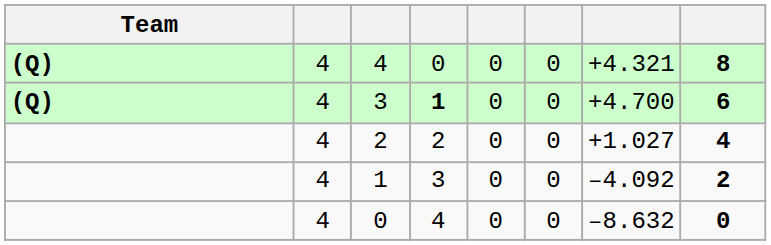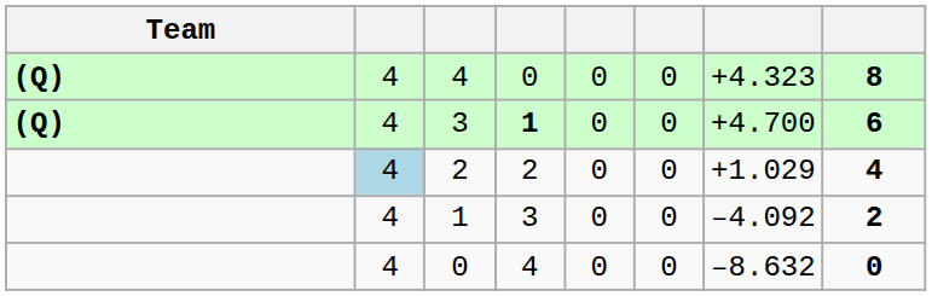 <table class="wikitable" style="text-align:center">
 <tr>
 <th width="150">Team</th>
 <th width="25"></th>
 <th width="25"></th>
 <th width="25"></th>
 <th width="25"></th>
 <th width="25"></th>
 <th width="40"></th>
 <th width="40"></th>
 </tr>
 <tr style="background:#cfc">
 <td style="text-align:left"> <strong>(Q)</strong></td>
 <td>4</td>
 <td>4</td>
 <td>0</td>
 <td>0</td>
 <td>0</td>
-<td>+4.321</td>
+<td>+4.323</td>
 <td><strong>8</strong></td>
 </tr>
 <tr style="background:#cfc">
 <td style="text-align:left"> <strong>(Q)</strong></td>
 <td>4</td>
 <td>3</td>
 <td><strong>1</strong></td>
 <td>0</td>
 <td>0</td>
 <td>+4.700</td>
 <td><strong>6</strong></td>
 </tr>
 <tr>
 <td style="text-align:left"></td>
-<td>4</td>
+<td style="background: lightblue;">4</td>
 <td>2</td>
 <td>2</td>
 <td>0</td>
 <td>0</td>
-<td>+1.027</td>
+<td>+1.029</td>
 <td><strong>4</strong></td>
 </tr>
 <tr>
 <td style="text-align:left"></td>
 <td>4</td>
 <td>1</td>
 <td>3</td>
 <td>0</td>
 <td>0</td>
 <td>–4.092</td>
 <td><strong>2</strong></td>
 </tr>
 <tr>
 <td style="text-align:left"></td>
 <td>4</td>
 <td>0</td>
 <td>4</td>
 <td>0</td>
 <td>0</td>
 <td>–8.632</td>
 <td><strong>0</strong></td>
 </tr>
 </table>
